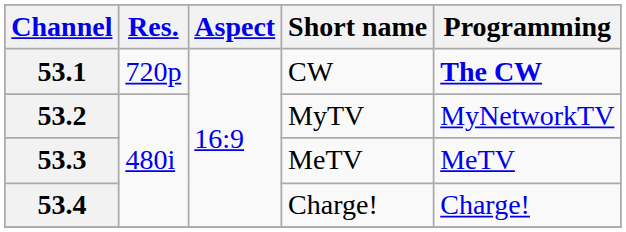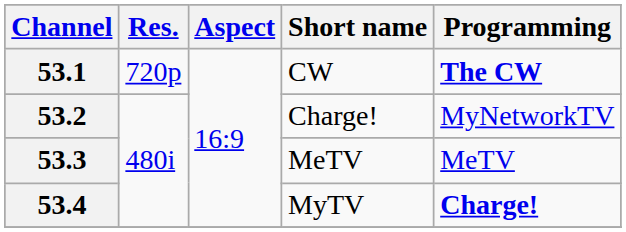 <table class="wikitable">
 <tr>
 <th><a href='#'>Channel</a></th>
 <th><a href='#'>Res.</a></th>
 <th><a href='#'>Aspect</a></th>
 <th>Short name</th>
 <th>Programming</th>
 </tr>
 <tr>
 <th scope = "row">53.1</th>
 <td><a href='#'>720p</a></td>
 <td rowspan=4><a href='#'>16:9</a></td>
 <td>CW</td>
 <td><strong><a href='#'>The CW</a></strong></td>
 </tr>
 <tr>
 <th scope = "row">53.2</th>
 <td rowspan=3><a href='#'>480i</a></td>
-<td>MyTV</td>
+<td>Charge!</td>
 <td><a href='#'>MyNetworkTV</a></td>
 </tr>
 <tr>
 <th scope = "row">53.3</th>
 <td>MeTV</td>
 <td><a href='#'>MeTV</a></td>
 </tr>
 <tr>
 <th scope = "row">53.4</th>
-<td>Charge!</td>
-<td><a href='#'>Charge!</a></td>
+<td>MyTV</td>
+<td><strong><a href='#'>Charge!</a></strong></td>
 </tr>
 <tr>
 </tr>
 </table>
